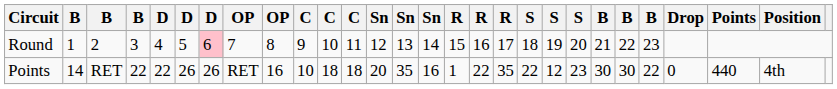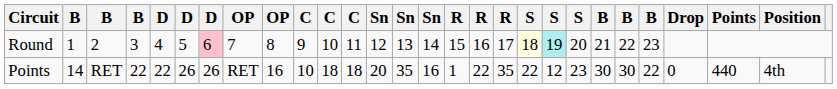 <table class="wikitable">
 <tr>
 <th>Circuit</th>
 <th>B</th>
 <th>B</th>
 <th>B</th>
 <th>D</th>
 <th>D</th>
 <th>D</th>
 <th>OP</th>
 <th>OP</th>
 <th>C</th>
 <th>C</th>
 <th>C</th>
 <th>Sn</th>
 <th>Sn</th>
 <th>Sn</th>
 <th>R</th>
 <th>R</th>
 <th>R</th>
 <th>S</th>
 <th>S</th>
 <th>S</th>
 <th>B</th>
 <th>B</th>
 <th>B</th>
 <th>Drop</th>
 <th>Points</th>
 <th>Position</th>
 <th></th>
 </tr>
 <tr>
 <td>Round</td>
 <td>1</td>
 <td>2</td>
 <td>3</td>
 <td>4</td>
 <td>5</td>
 <td style="background: pink;">6</td>
 <td>7</td>
 <td>8</td>
 <td>9</td>
 <td>10</td>
 <td>11</td>
 <td>12</td>
 <td>13</td>
 <td>14</td>
 <td>15</td>
 <td>16</td>
 <td>17</td>
-<td>18</td>
-<td>19</td>
+<td style="background: lightyellow;">18</td>
+<td style="background: paleturquoise;">19</td>
 <td>20</td>
 <td>21</td>
 <td>22</td>
 <td>23</td>
 <td></td>
 </tr>
 <tr>
 <td>Points</td>
 <td>14</td>
 <td>RET</td>
 <td>22</td>
 <td>22</td>
 <td>26</td>
 <td>26</td>
 <td>RET</td>
 <td>16</td>
 <td>10</td>
 <td>18</td>
 <td>18</td>
 <td>20</td>
 <td>35</td>
 <td>16</td>
 <td>1</td>
 <td>22</td>
 <td>35</td>
 <td>22</td>
 <td>12</td>
 <td>23</td>
 <td>30</td>
 <td>30</td>
 <td>22</td>
 <td>0</td>
 <td>440</td>
 <td>4th</td>
 <td></td>
 </tr>
 </table>
